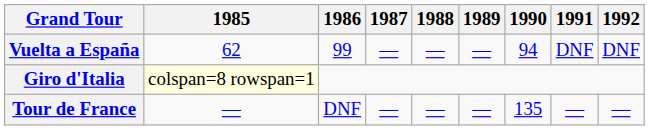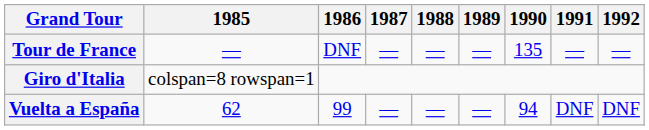 <table class="wikitable plainrowheaders">
 <tr>
 <th scope="col"><a href='#'>Grand Tour</a></th>
 <th scope="col">1985</th>
 <th scope="col">1986</th>
 <th scope="col">1987</th>
 <th scope="col">1988</th>
 <th scope="col">1989</th>
 <th scope="col">1990</th>
 <th scope="col">1991</th>
 <th scope="col">1992</th>
 </tr>
 <tr style="text-align:center;">
+<th scope="row"> <a href='#'>Tour de France</a></th>
+<td><a href='#'>—</a></td>
+<td><a href='#'>DNF</a></td>
+<td><a href='#'>—</a></td>
+<td><a href='#'>—</a></td>
+<td><a href='#'>—</a></td>
+<td><a href='#'>135</a></td>
+<td><a href='#'>—</a></td>
+<td><a href='#'>—</a></td>
+</tr>
+<tr style="text-align:center;">
+<th scope="row"> <a href='#'>Giro d'Italia</a></th>
+<td>colspan=8 rowspan=1 </td>
+</tr>
+<tr style="text-align:center;">
 <th scope="row"> <a href='#'>Vuelta a España</a></th>
 <td><a href='#'>62</a></td>
 <td><a href='#'>99</a></td>
 <td><a href='#'>—</a></td>
 <td><a href='#'>—</a></td>
 <td><a href='#'>—</a></td>
 <td><a href='#'>94</a></td>
 <td><a href='#'>DNF</a></td>
 <td><a href='#'>DNF</a></td>
 </tr>
-<tr style="text-align:center;">
-<th scope="row"> <a href='#'>Giro d'Italia</a></th>
-<td style="background: lightyellow;">colspan=8 rowspan=1 </td>
-</tr>
-<tr style="text-align:center;">
-<th scope="row"> <a href='#'>Tour de France</a></th>
-<td><a href='#'>—</a></td>
-<td><a href='#'>DNF</a></td>
-<td><a href='#'>—</a></td>
-<td><a href='#'>—</a></td>
-<td><a href='#'>—</a></td>
-<td><a href='#'>135</a></td>
-<td><a href='#'>—</a></td>
-<td><a href='#'>—</a></td>
-</tr>
 </table>
